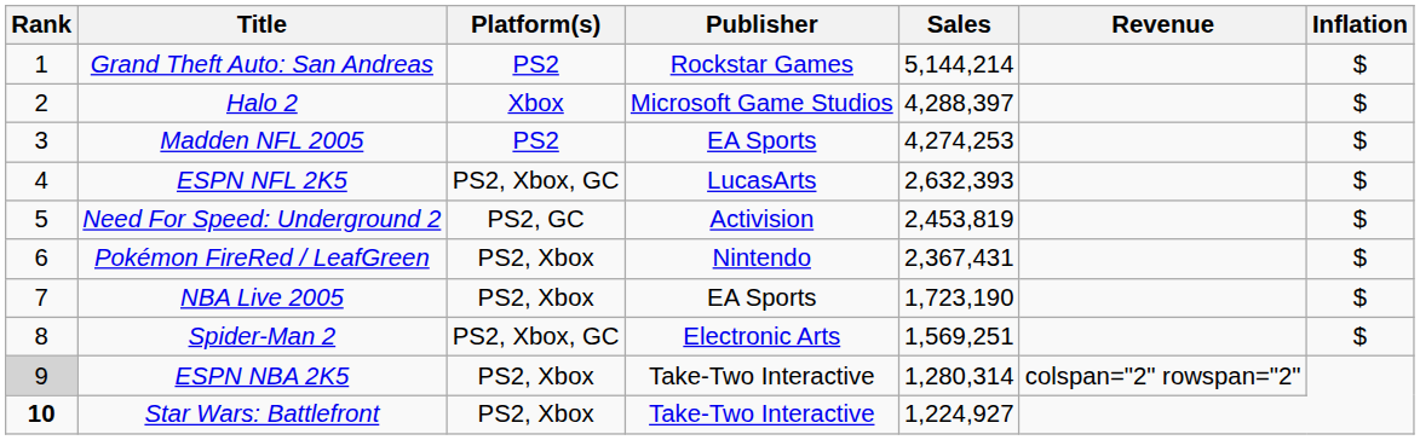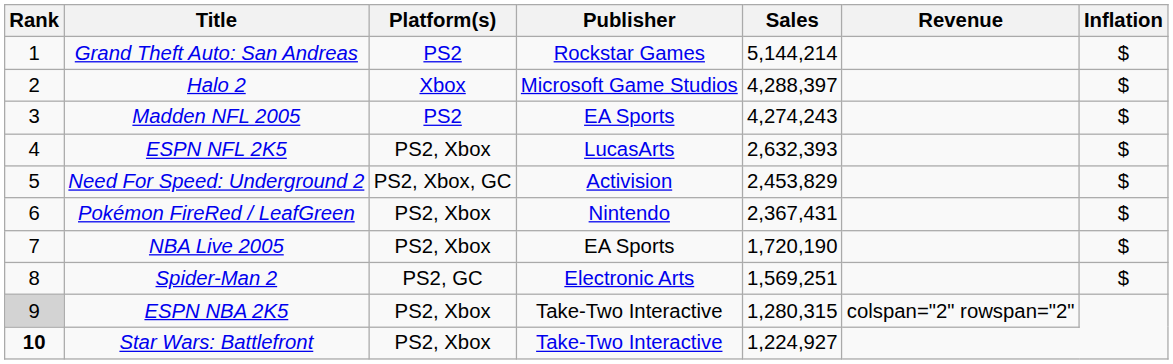 <table class="wikitable sortable" style="text-align:center">
 <tr>
 <th>Rank</th>
 <th>Title</th>
 <th>Platform(s)</th>
 <th>Publisher</th>
 <th>Sales</th>
 <th>Revenue</th>
 <th>Inflation</th>
 </tr>
 <tr>
 <td>1</td>
 <td><em><a href='#'>Grand Theft Auto: San Andreas</a></em></td>
 <td><a href='#'>PS2</a></td>
 <td><a href='#'>Rockstar Games</a></td>
 <td>5,144,214</td>
 <td></td>
 <td>$</td>
 </tr>
 <tr>
 <td>2</td>
 <td><em><a href='#'>Halo 2</a></em></td>
 <td><a href='#'>Xbox</a></td>
 <td><a href='#'>Microsoft Game Studios</a></td>
 <td>4,288,397</td>
 <td></td>
 <td>$</td>
 </tr>
 <tr>
 <td>3</td>
 <td><em><a href='#'>Madden NFL 2005</a></em></td>
 <td><a href='#'>PS2</a></td>
 <td><a href='#'>EA Sports</a></td>
-<td>4,274,253</td>
+<td>4,274,243</td>
 <td></td>
 <td>$</td>
 </tr>
 <tr>
 <td>4</td>
 <td><em><a href='#'>ESPN NFL 2K5</a></em></td>
-<td>PS2, Xbox, GC</td>
+<td>PS2, Xbox</td>
 <td><a href='#'>LucasArts</a></td>
 <td>2,632,393</td>
 <td></td>
 <td>$</td>
 </tr>
 <tr>
 <td>5</td>
 <td><em><a href='#'>Need For Speed: Underground 2</a></em></td>
-<td>PS2, GC</td>
+<td>PS2, Xbox, GC</td>
 <td><a href='#'>Activision</a></td>
-<td>2,453,819</td>
+<td>2,453,829</td>
 <td></td>
 <td>$</td>
 </tr>
 <tr>
 <td>6</td>
 <td><a href='#'><em>Pokémon FireRed / LeafGreen</em></a></td>
 <td>PS2, Xbox</td>
 <td><a href='#'>Nintendo</a></td>
 <td>2,367,431</td>
 <td></td>
 <td>$</td>
 </tr>
 <tr>
 <td>7</td>
 <td><em><a href='#'>NBA Live 2005</a></em></td>
 <td>PS2, Xbox</td>
 <td>EA Sports</td>
-<td>1,723,190</td>
+<td>1,720,190</td>
 <td></td>
 <td>$</td>
 </tr>
 <tr>
 <td>8</td>
 <td><em><a href='#'>Spider-Man 2</a></em></td>
-<td>PS2, Xbox, GC</td>
+<td>PS2, GC</td>
 <td><a href='#'>Electronic Arts</a></td>
 <td>1,569,251</td>
 <td></td>
 <td>$</td>
 </tr>
 <tr>
 <td style="background: lightgrey;">9</td>
 <td><em><a href='#'>ESPN NBA 2K5</a></em></td>
 <td>PS2, Xbox</td>
 <td>Take-Two Interactive</td>
-<td>1,280,314</td>
+<td>1,280,315</td>
 <td>colspan="2" rowspan="2" </td>
 </tr>
 <tr>
 <td><strong>10</strong></td>
 <td><a href='#'><em>Star Wars: Battlefront</em></a></td>
 <td>PS2, Xbox</td>
 <td><a href='#'>Take-Two Interactive</a></td>
 <td>1,224,927</td>
 </tr>
 </table>
